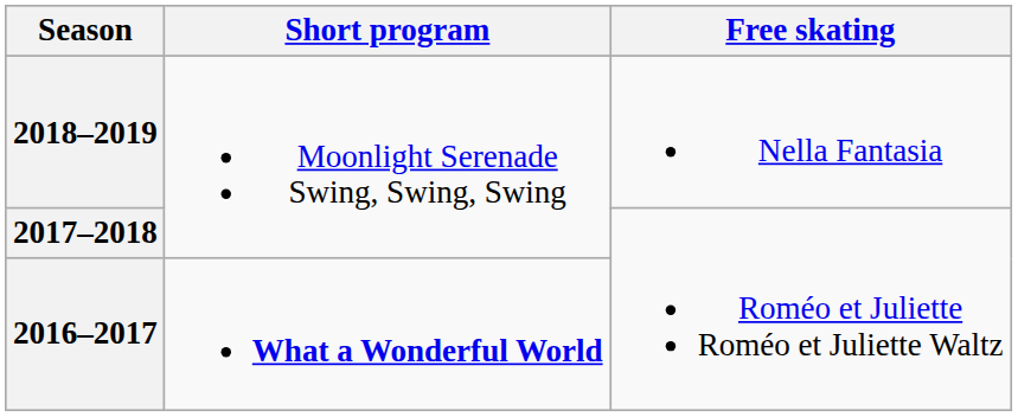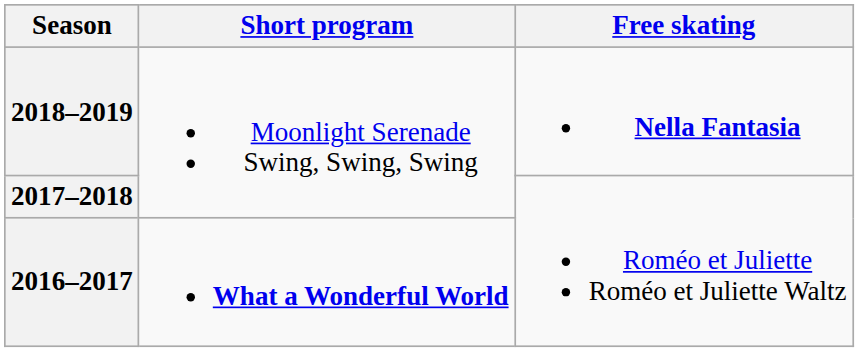 <table class=wikitable style=text-align:center>
 <tr>
 <th>Season</th>
 <th><a href='#'>Short program</a></th>
 <th><a href='#'>Free skating</a></th>
 </tr>
 <tr>
 <th>2018–2019 <br> </th>
 <td rowspan="2"><br><ul><li><a href='#'>Moonlight Serenade</a> <br></li><li>Swing, Swing, Swing <br></li></ul></td>
-<td><br><ul><li><a href='#'>Nella Fantasia</a> <br></li></ul></td>
+<td><strong><br><ul><li><a href='#'>Nella Fantasia</a> <br></li></ul></strong></td>
 </tr>
 <tr>
 <th>2017–2018 <br> </th>
 <td rowspan="2"><br><ul><li><a href='#'>Roméo et Juliette</a> <br></li><li>Roméo et Juliette Waltz <br></li></ul></td>
 </tr>
 <tr>
 <th>2016–2017 <br> </th>
 <td><strong><br><ul><li><a href='#'>What a Wonderful World</a> <br></li></ul></strong></td>
 </tr>
 </table>
